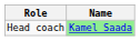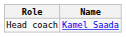 <table class="wikitable">
 <tr>
 <th>Role</th>
 <th>Name</th>
 </tr>
 <tr>
 <td>Head coach</td>
-<td style="background: lightgreen;"> <a href='#'>Kamel Saada</a><br></td>
+<td> <a href='#'>Kamel Saada</a><br></td>
 </tr>
 </table>
